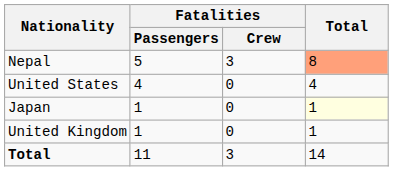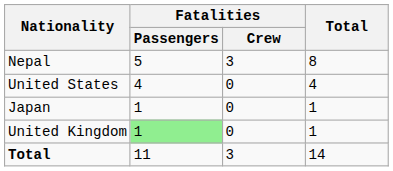 <table class="wikitable">
 <tr>
 <th rowspan=2>Nationality</th>
 <th colspan=2>Fatalities</th>
 <th rowspan="2" style="width:70px;">Total</th>
 </tr>
 <tr>
 <th style="width:70px;">Passengers</th>
 <th style="width:70px;">Crew</th>
 </tr>
 <tr>
 <td>Nepal</td>
 <td>5</td>
 <td>3</td>
-<td style="background: lightsalmon;">8</td>
+<td>8</td>
 </tr>
 <tr>
 <td>United States</td>
 <td>4</td>
 <td>0</td>
 <td>4</td>
 </tr>
 <tr>
 <td>Japan</td>
 <td>1</td>
 <td>0</td>
-<td style="background: lightyellow;">1</td>
+<td>1</td>
 </tr>
 <tr>
 <td>United Kingdom</td>
-<td>1</td>
+<td style="background: lightgreen;">1</td>
 <td>0</td>
 <td>1</td>
 </tr>
 <tr>
 <td><strong>Total</strong></td>
 <td>11</td>
 <td>3</td>
 <td>14</td>
 </tr>
 </table>
